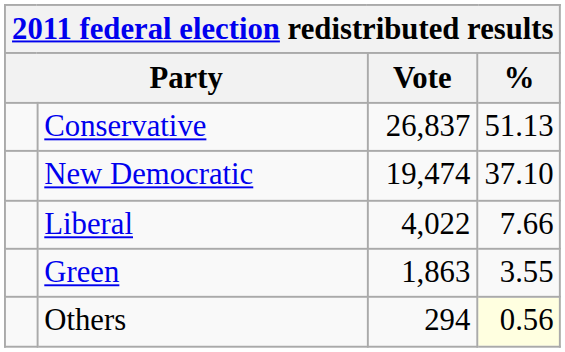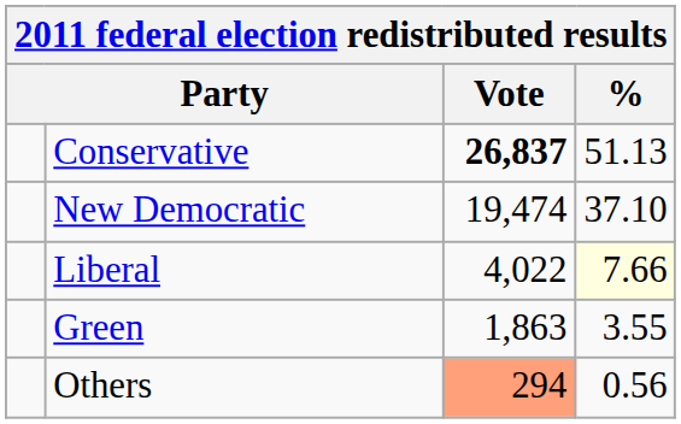 <table class="wikitable">
 <tr>
 <th colspan="4"><a href='#'>2011 federal election</a> redistributed results</th>
 </tr>
 <tr>
 <th bgcolor="#DDDDFF" width="130px" colspan="2">Party</th>
 <th bgcolor="#DDDDFF" width="50px">Vote</th>
 <th bgcolor="#DDDDFF" width="30px">%</th>
 </tr>
 <tr>
 <td> </td>
 <td><a href='#'>Conservative</a></td>
-<td align=right>26,837</td>
+<td align=right><strong>26,837</strong></td>
 <td align=right>51.13</td>
 </tr>
 <tr>
 <td> </td>
 <td><a href='#'>New Democratic</a></td>
 <td align=right>19,474</td>
 <td align=right>37.10</td>
 </tr>
 <tr>
 <td> </td>
 <td><a href='#'>Liberal</a></td>
 <td align=right>4,022</td>
-<td align=right>7.66</td>
+<td align=right style="background: lightyellow;">7.66</td>
 </tr>
 <tr>
 <td> </td>
 <td><a href='#'>Green</a></td>
 <td align=right>1,863</td>
 <td align=right>3.55</td>
 </tr>
 <tr>
 <td> </td>
 <td>Others</td>
-<td align=right>294</td>
-<td align=right style="background: lightyellow;">0.56</td>
+<td align=right style="background: lightsalmon;">294</td>
+<td align=right>0.56</td>
 </tr>
 </table>
